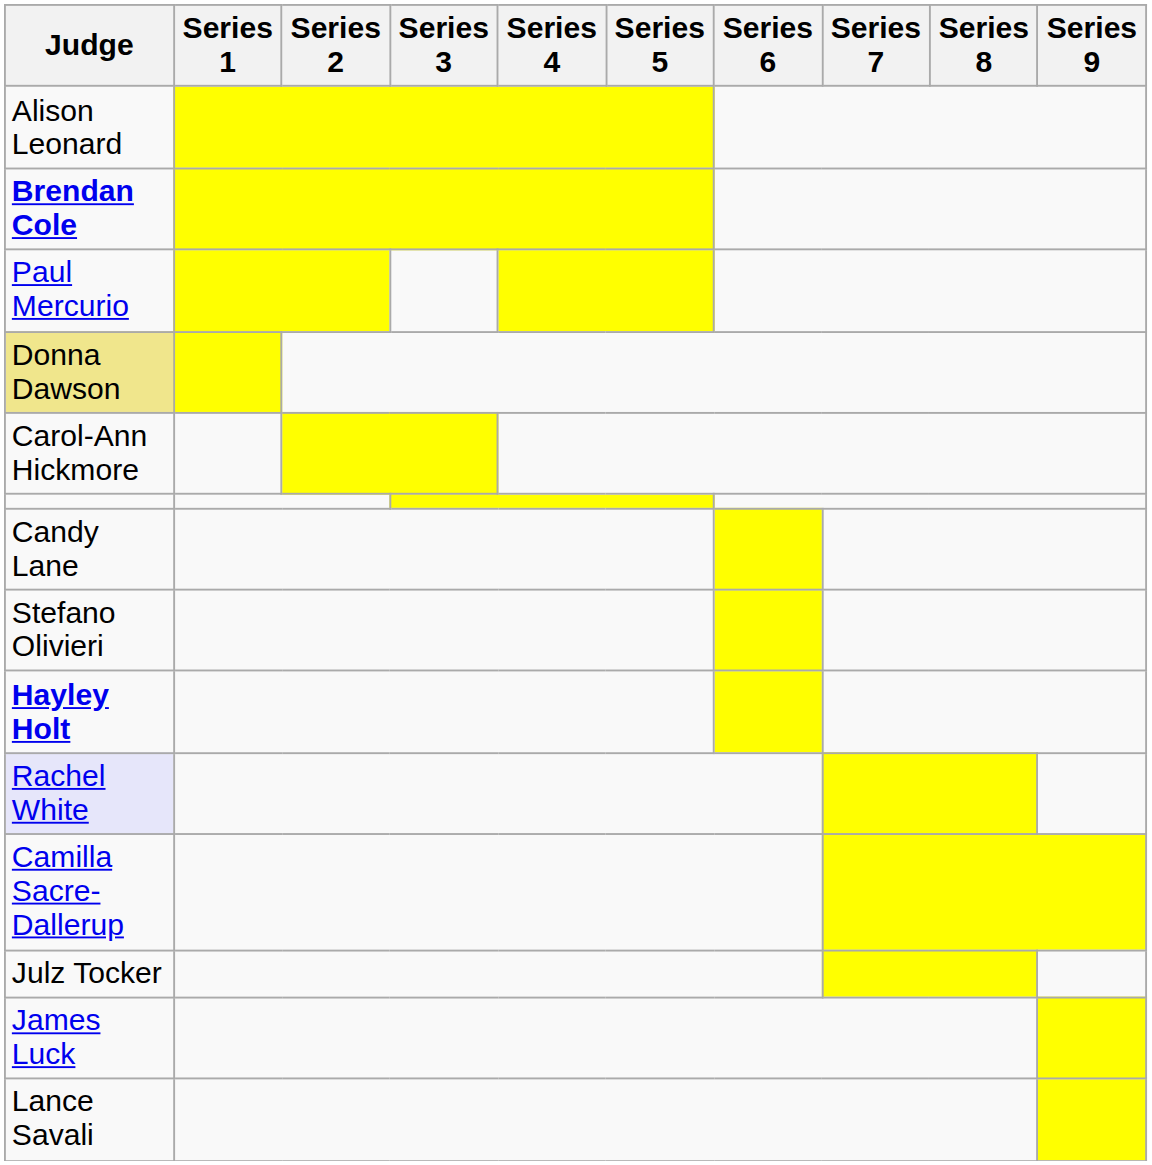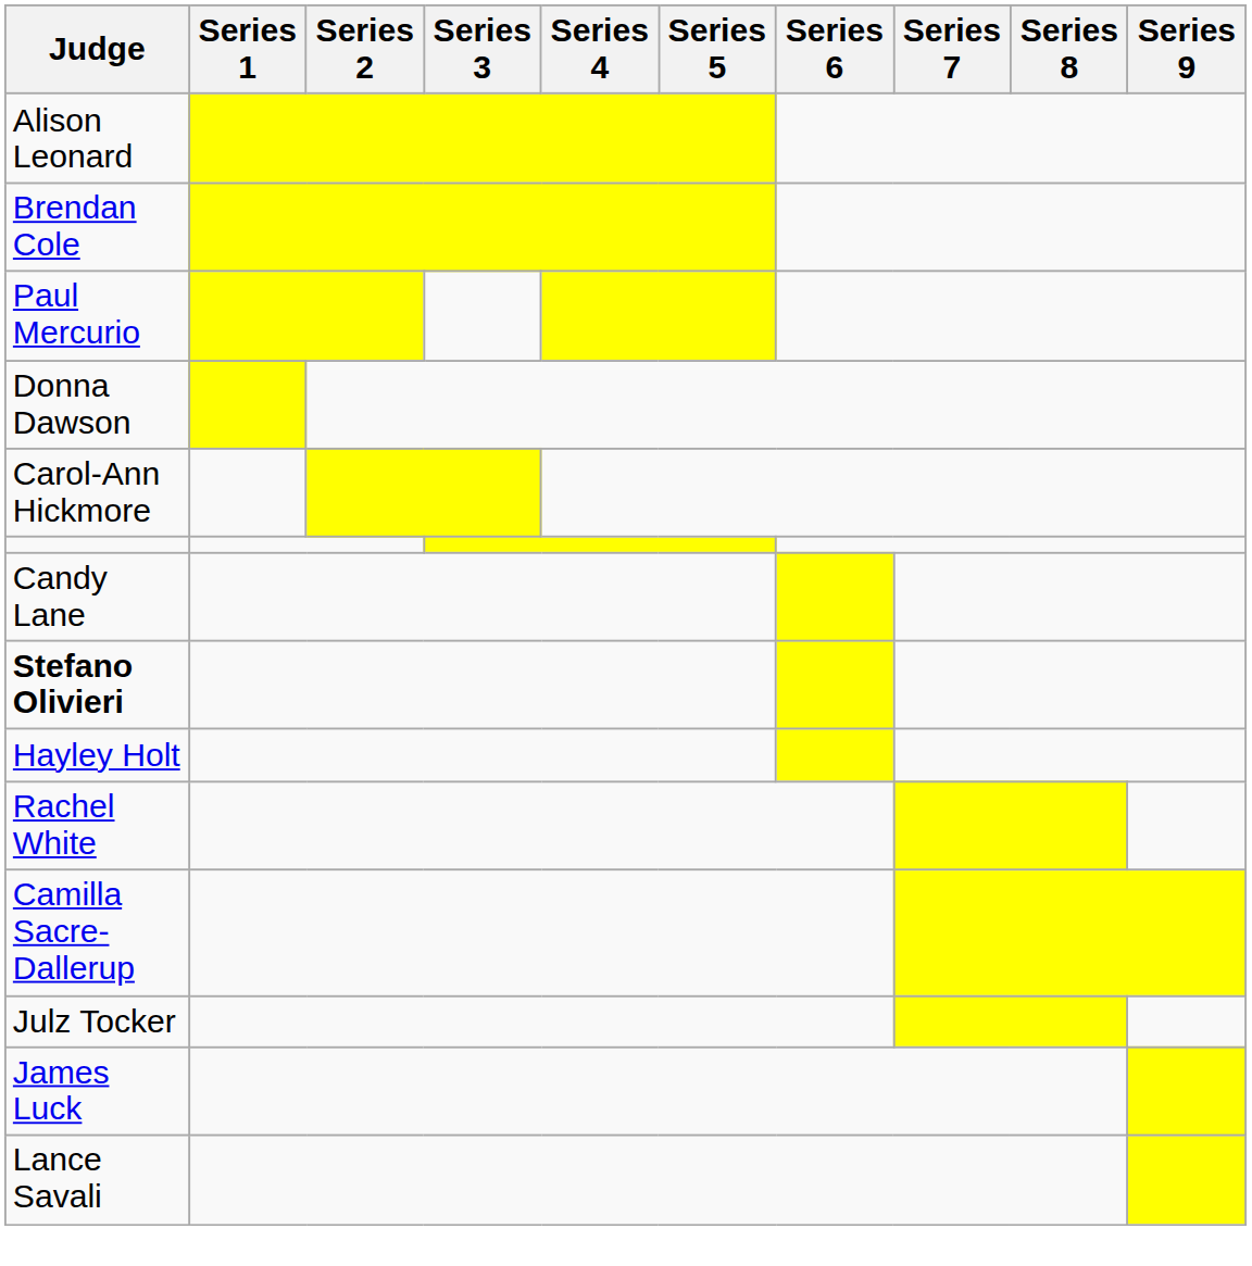 <table class="wikitable">
 <tr>
 <th>Judge</th>
 <th>Series 1</th>
 <th>Series 2</th>
 <th>Series 3</th>
 <th>Series 4</th>
 <th>Series 5</th>
 <th>Series 6</th>
 <th>Series 7</th>
 <th>Series 8</th>
 <th>Series 9</th>
 </tr>
 <tr>
 <td>Alison Leonard</td>
 <td colspan=5 style="text-align:center; background:yellow;"></td>
 <td colspan=4></td>
 </tr>
 <tr>
-<td><strong><a href='#'>Brendan Cole</a></strong></td>
+<td><a href='#'>Brendan Cole</a></td>
 <td colspan=5 style="text-align:center; background:yellow;"></td>
 <td colspan=4></td>
 </tr>
 <tr>
 <td><a href='#'>Paul Mercurio</a></td>
 <td colspan=2 style="text-align:center; background:yellow;"></td>
 <td></td>
 <td colspan=2 style="text-align:center; background:yellow;"></td>
 <td colspan=4></td>
 </tr>
 <tr>
-<td style="background: khaki;">Donna Dawson</td>
+<td>Donna Dawson</td>
 <td style="text-align:center; background:yellow;"></td>
 <td colspan=8></td>
 </tr>
 <tr>
 <td>Carol-Ann Hickmore</td>
 <td></td>
 <td colspan=2 style="text-align:center; background:yellow;"></td>
 <td colspan=6></td>
 </tr>
 <tr>
 <td></td>
 <td colspan=2></td>
 <td colspan=3 style="text-align:center; background:yellow;"></td>
 <td colspan=4></td>
 </tr>
 <tr>
 <td>Candy Lane</td>
 <td colspan=5></td>
 <td style="text-align:center; background:yellow;"></td>
 <td colspan=3></td>
 </tr>
 <tr>
-<td>Stefano Olivieri</td>
+<td><strong>Stefano Olivieri</strong></td>
 <td colspan=5></td>
 <td style="text-align:center; background:yellow;"></td>
 <td colspan=3></td>
 </tr>
 <tr>
-<td><strong><a href='#'>Hayley Holt</a></strong></td>
+<td><a href='#'>Hayley Holt</a></td>
 <td colspan=5></td>
 <td style="text-align:center; background:yellow;"></td>
 <td colspan=3></td>
 </tr>
 <tr>
-<td style="background: lavender;"><a href='#'>Rachel White</a></td>
+<td><a href='#'>Rachel White</a></td>
 <td colspan=6></td>
 <td colspan=2 style="text-align:center; background:yellow;"></td>
 <td colspan=1></td>
 </tr>
 <tr>
 <td><a href='#'>Camilla Sacre-Dallerup</a></td>
 <td colspan=6></td>
 <td colspan=3 style="text-align:center; background:yellow;"></td>
 </tr>
 <tr>
 <td>Julz Tocker</td>
 <td colspan=6></td>
 <td colspan=2 style="text-align:center; background:yellow;"></td>
 <td colspan=1></td>
 </tr>
 <tr>
 <td><a href='#'>James Luck</a></td>
 <td colspan=8></td>
 <td colspan=1 style="text-align:center; background:yellow;"></td>
 </tr>
 <tr>
 <td>Lance Savali</td>
 <td colspan=8></td>
 <td colspan=1 style="text-align:center; background:yellow;"></td>
 </tr>
 </table>
